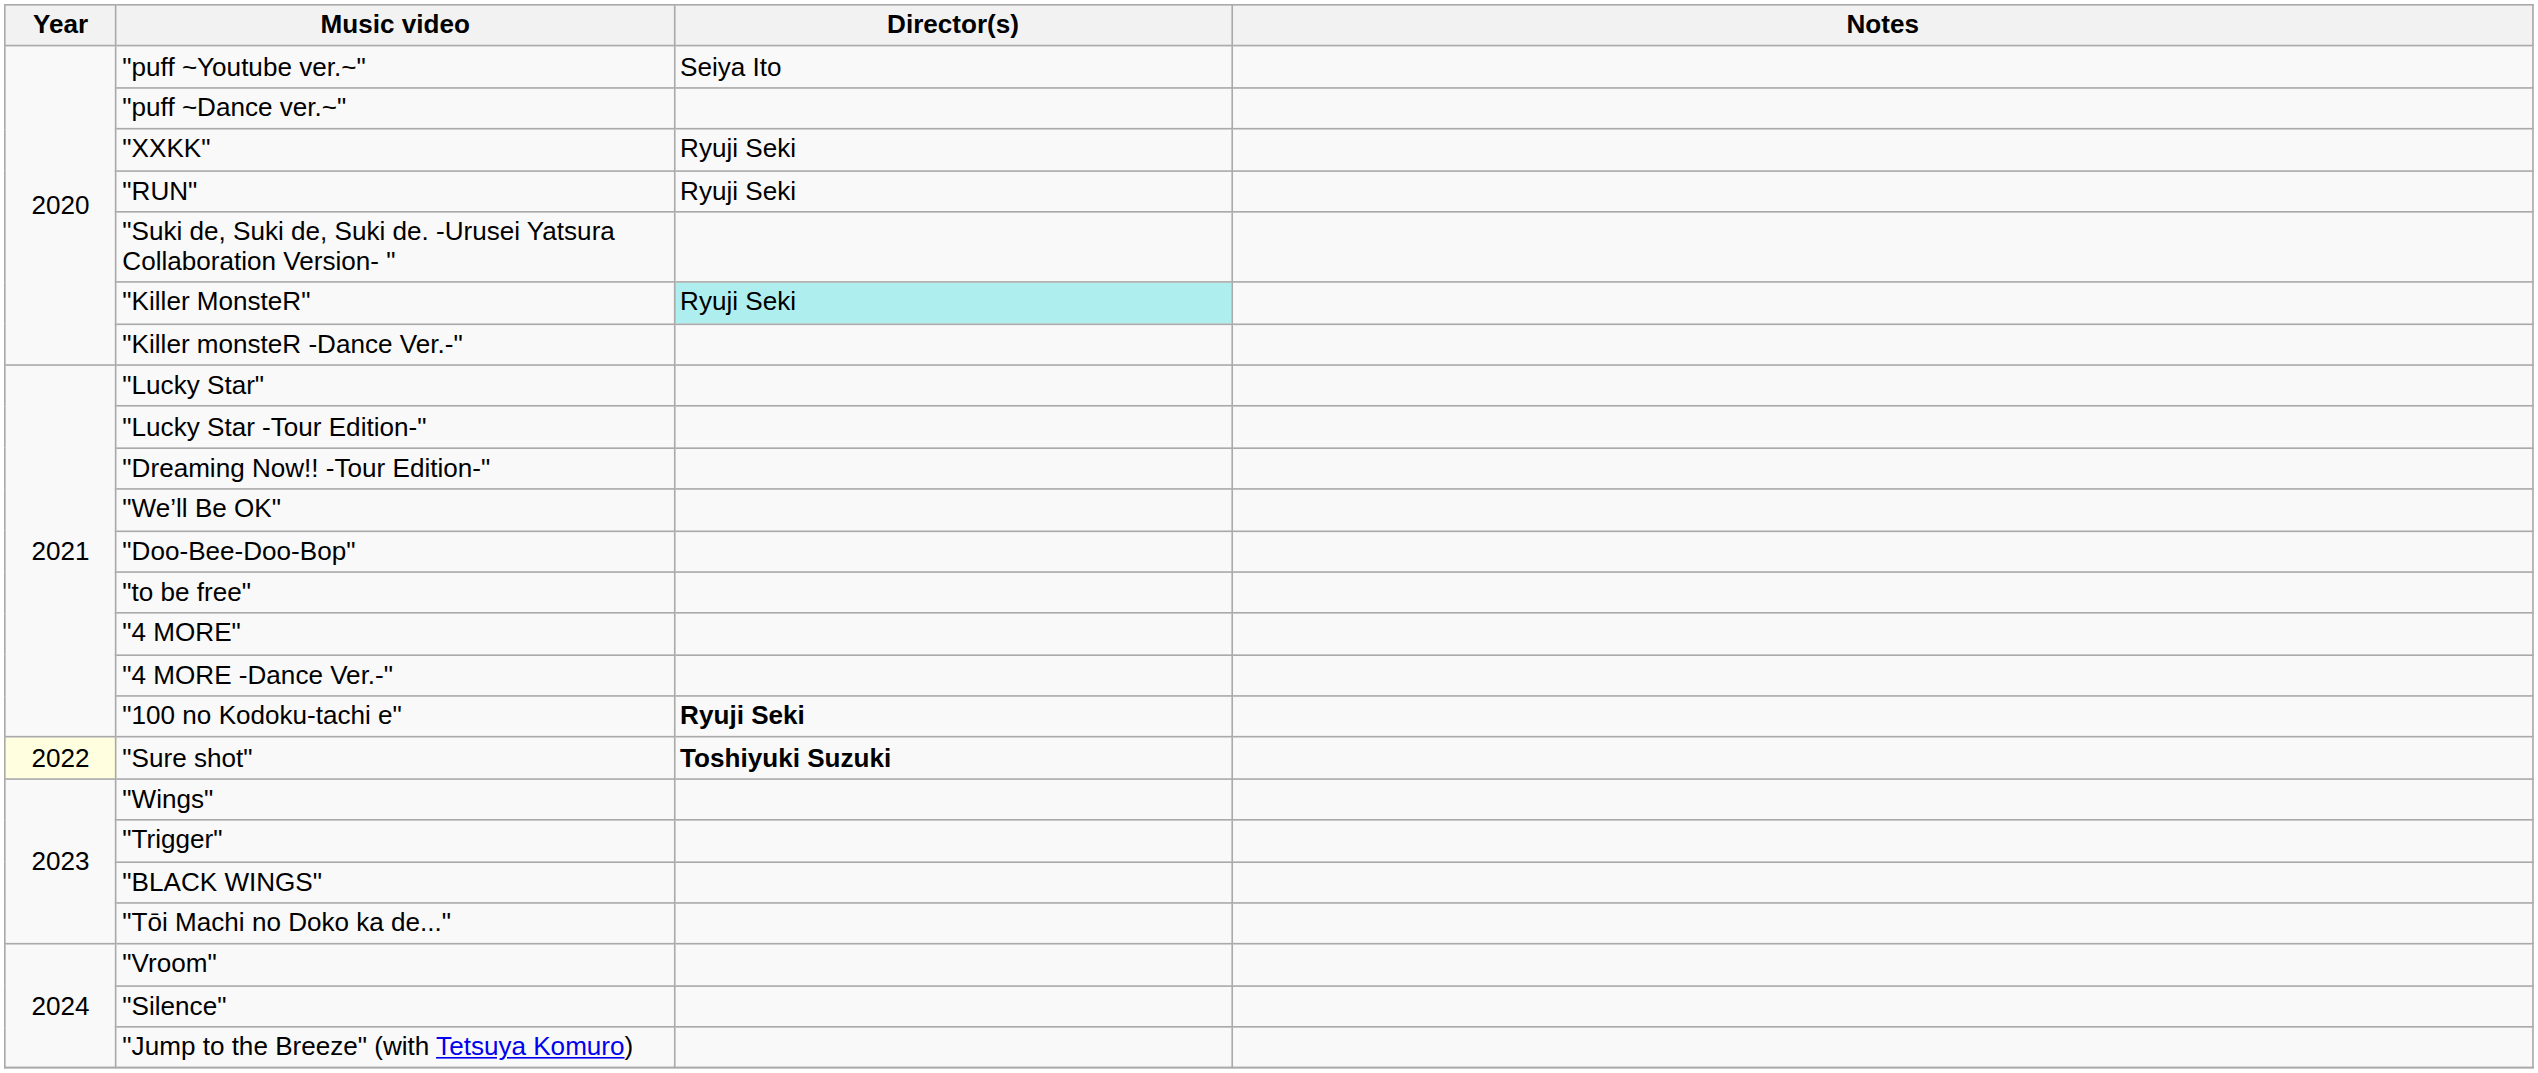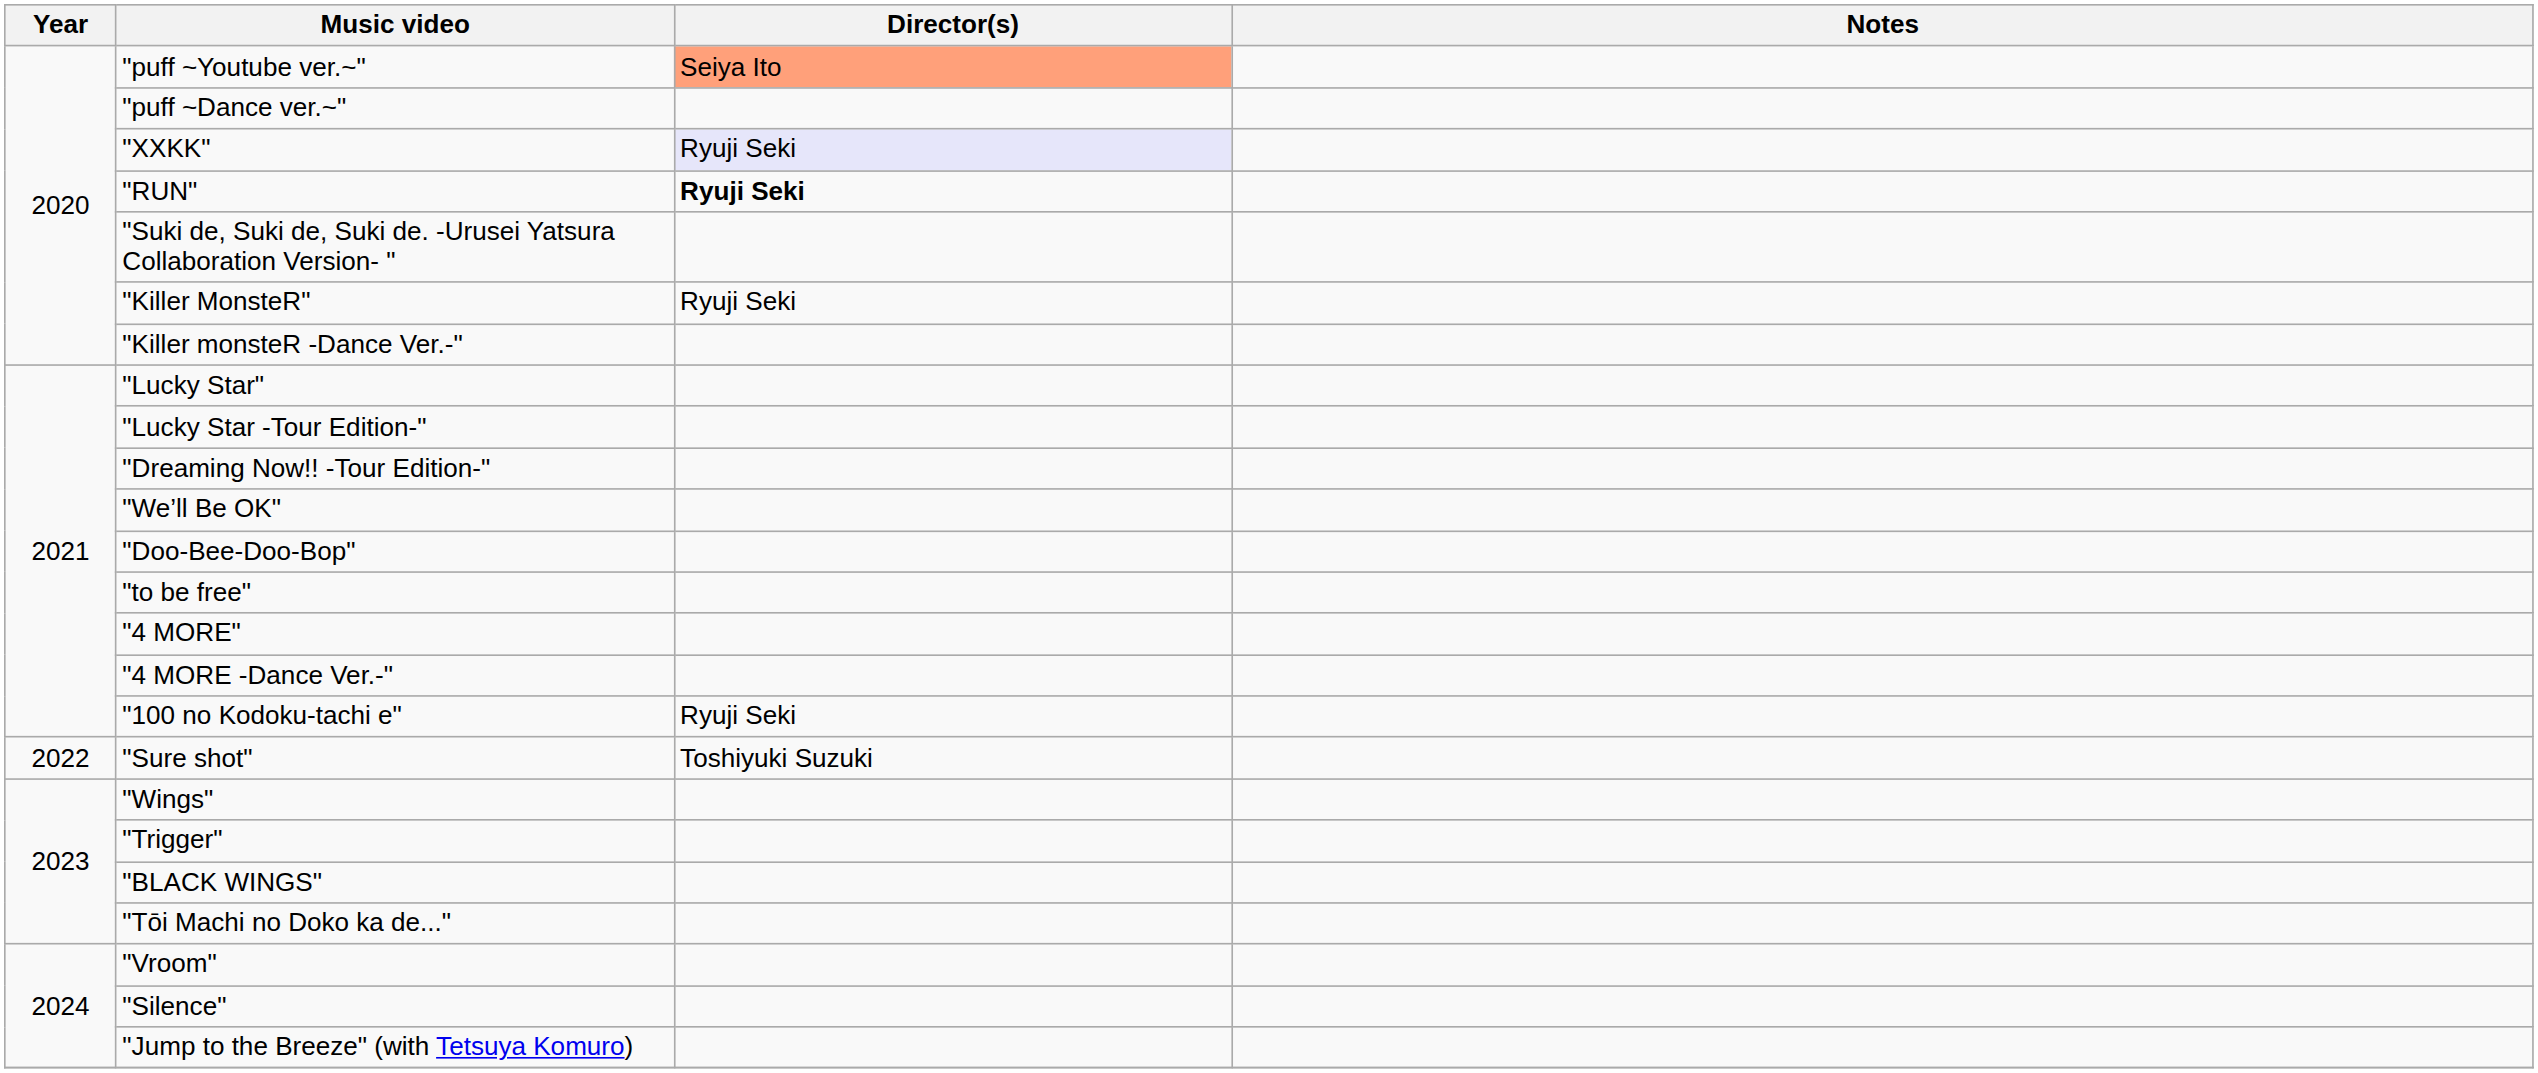 <table class="wikitable" style="width:98%;">
 <tr>
 <th width=3%>Year</th>
 <th style="width:15%;">Music video</th>
 <th style="width:15%;">Director(s)</th>
 <th style="width:35%;">Notes</th>
 </tr>
 <tr>
 <td style="text-align:center;" rowspan="7">2020</td>
 <td>"puff ~Youtube ver.~"</td>
-<td>Seiya Ito</td>
+<td style="background: lightsalmon;">Seiya Ito</td>
 <td></td>
 </tr>
 <tr>
 <td>"puff ~Dance ver.~"</td>
 <td></td>
 <td></td>
 </tr>
 <tr>
 <td>"XXKK"</td>
-<td>Ryuji Seki</td>
+<td style="background: lavender;">Ryuji Seki</td>
 <td></td>
 </tr>
 <tr>
 <td>"RUN"</td>
-<td>Ryuji Seki</td>
+<td><strong>Ryuji Seki</strong></td>
 <td></td>
 </tr>
 <tr>
 <td>"Suki de, Suki de, Suki de. -Urusei Yatsura Collaboration Version- "</td>
 <td></td>
 <td></td>
 </tr>
 <tr>
 <td>"Killer MonsteR"</td>
-<td style="background: paleturquoise;">Ryuji Seki</td>
+<td>Ryuji Seki</td>
 <td></td>
 </tr>
 <tr>
 <td>"Killer monsteR -Dance Ver.-"</td>
 <td></td>
 <td></td>
 </tr>
 <tr>
 <td style="text-align:center;" rowspan="9">2021</td>
 <td>"Lucky Star"</td>
 <td></td>
 <td></td>
 </tr>
 <tr>
 <td>"Lucky Star -Tour Edition-"</td>
 <td></td>
 <td></td>
 </tr>
 <tr>
 <td>"Dreaming Now!! -Tour Edition-"</td>
 <td></td>
 <td></td>
 </tr>
 <tr>
 <td>"We’ll Be OK"</td>
 <td></td>
 <td></td>
 </tr>
 <tr>
 <td>"Doo-Bee-Doo-Bop"</td>
 <td></td>
 <td></td>
 </tr>
 <tr>
 <td>"to be free"</td>
 <td></td>
 <td></td>
 </tr>
 <tr>
 <td>"4 MORE"</td>
 <td></td>
 <td></td>
 </tr>
 <tr>
 <td>"4 MORE -Dance Ver.-"</td>
 <td></td>
 <td></td>
 </tr>
 <tr>
 <td>"100 no Kodoku-tachi e"</td>
-<td><strong>Ryuji Seki</strong></td>
+<td>Ryuji Seki</td>
 <td></td>
 </tr>
 <tr>
-<td style="background: lightyellow; text-align:center;" rowspan="1">2022</td>
+<td style="text-align:center;" rowspan="1">2022</td>
 <td>"Sure shot"</td>
-<td><strong>Toshiyuki Suzuki</strong></td>
+<td>Toshiyuki Suzuki</td>
 <td></td>
 </tr>
 <tr>
 <td style="text-align:center;" rowspan="4">2023</td>
 <td>"Wings"</td>
 <td></td>
 <td></td>
 </tr>
 <tr>
 <td>"Trigger"</td>
 <td></td>
 <td></td>
 </tr>
 <tr>
 <td>"BLACK WINGS"</td>
 <td></td>
 <td></td>
 </tr>
 <tr>
 <td>"Tōi Machi no Doko ka de..."</td>
 <td></td>
 <td></td>
 </tr>
 <tr>
 <td style="text-align:center;" rowspan="3">2024</td>
 <td>"Vroom"</td>
 <td></td>
 <td></td>
 </tr>
 <tr>
 <td>"Silence"</td>
 <td></td>
 <td></td>
 </tr>
 <tr>
 <td>"Jump to the Breeze" <span>(with <a href='#'>Tetsuya Komuro</a>)</span></td>
 <td></td>
 <td></td>
 </tr>
 <tr>
 </tr>
 </table>
